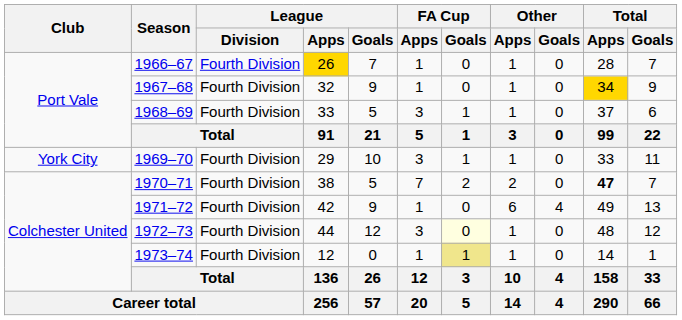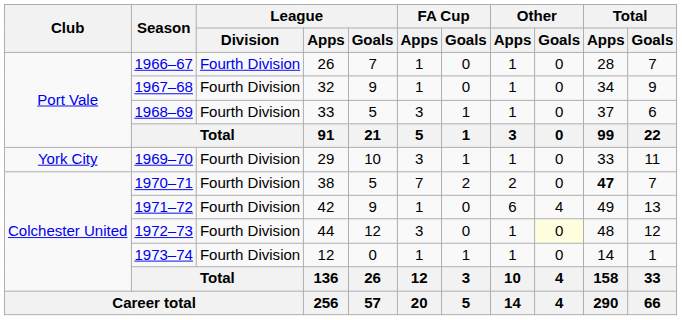 <table class="wikitable" style="text-align: center;">
 <tr>
 <th rowspan="2">Club</th>
 <th rowspan="2">Season</th>
 <th colspan="3">League</th>
 <th colspan="2">FA Cup</th>
 <th colspan="2">Other</th>
 <th colspan="2">Total</th>
 </tr>
 <tr>
 <th>Division</th>
 <th>Apps</th>
 <th>Goals</th>
 <th>Apps</th>
 <th>Goals</th>
 <th>Apps</th>
 <th>Goals</th>
 <th>Apps</th>
 <th>Goals</th>
 </tr>
 <tr>
 <td rowspan="4"><a href='#'>Port Vale</a></td>
 <td><a href='#'>1966–67</a></td>
 <td><a href='#'>Fourth Division</a></td>
-<td style="background: gold;">26</td>
+<td>26</td>
 <td>7</td>
 <td>1</td>
 <td>0</td>
 <td>1</td>
 <td>0</td>
 <td>28</td>
 <td>7</td>
 </tr>
 <tr>
 <td><a href='#'>1967–68</a></td>
 <td>Fourth Division</td>
 <td>32</td>
 <td>9</td>
 <td>1</td>
 <td>0</td>
 <td>1</td>
 <td>0</td>
-<td style="background: gold;">34</td>
+<td>34</td>
 <td>9</td>
 </tr>
 <tr>
 <td><a href='#'>1968–69</a></td>
 <td>Fourth Division</td>
 <td>33</td>
 <td>5</td>
 <td>3</td>
 <td>1</td>
 <td>1</td>
 <td>0</td>
 <td>37</td>
 <td>6</td>
 </tr>
 <tr>
 <th colspan="2">Total</th>
 <th>91</th>
 <th>21</th>
 <th>5</th>
 <th>1</th>
 <th>3</th>
 <th>0</th>
 <th>99</th>
 <th>22</th>
 </tr>
 <tr>
 <td><a href='#'>York City</a></td>
 <td><a href='#'>1969–70</a></td>
 <td>Fourth Division</td>
 <td>29</td>
 <td>10</td>
 <td>3</td>
 <td>1</td>
 <td>1</td>
 <td>0</td>
 <td>33</td>
 <td>11</td>
 </tr>
 <tr>
 <td rowspan="5"><a href='#'>Colchester United</a></td>
 <td><a href='#'>1970–71</a></td>
 <td>Fourth Division</td>
 <td>38</td>
 <td>5</td>
 <td>7</td>
 <td>2</td>
 <td>2</td>
 <td>0</td>
 <td><strong>47</strong></td>
 <td>7</td>
 </tr>
 <tr>
 <td><a href='#'>1971–72</a></td>
 <td>Fourth Division</td>
 <td>42</td>
 <td>9</td>
 <td>1</td>
 <td>0</td>
 <td>6</td>
 <td>4</td>
 <td>49</td>
 <td>13</td>
 </tr>
 <tr>
 <td><a href='#'>1972–73</a></td>
 <td>Fourth Division</td>
 <td>44</td>
 <td>12</td>
 <td>3</td>
+<td>0</td>
+<td>1</td>
 <td style="background: lightyellow;">0</td>
-<td>1</td>
-<td>0</td>
 <td>48</td>
 <td>12</td>
 </tr>
 <tr>
 <td><a href='#'>1973–74</a></td>
 <td>Fourth Division</td>
 <td>12</td>
 <td>0</td>
 <td>1</td>
-<td style="background: khaki;">1</td>
+<td>1</td>
 <td>1</td>
 <td>0</td>
 <td>14</td>
 <td>1</td>
 </tr>
 <tr>
 <th colspan="2">Total</th>
 <th>136</th>
 <th>26</th>
 <th>12</th>
 <th>3</th>
 <th>10</th>
 <th>4</th>
 <th>158</th>
 <th>33</th>
 </tr>
 <tr>
 <th colspan="3">Career total</th>
 <th>256</th>
 <th>57</th>
 <th>20</th>
 <th>5</th>
 <th>14</th>
 <th>4</th>
 <th>290</th>
 <th>66</th>
 </tr>
 </table>
